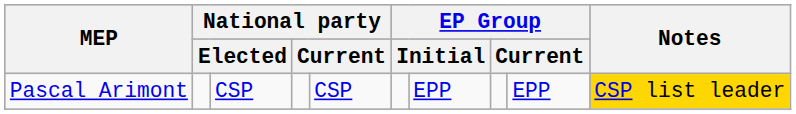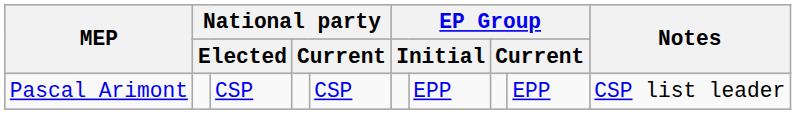 <table class="wikitable sortable" style="text-align:left">
 <tr>
 <th rowspan="2">MEP</th>
 <th colspan="4">National party</th>
 <th colspan="4"><a href='#'>EP Group</a></th>
 <th rowspan="2">Notes</th>
 </tr>
 <tr>
 <th colspan="2">Elected</th>
 <th colspan="2">Current</th>
 <th colspan="2">Initial</th>
 <th colspan="2">Current</th>
 </tr>
 <tr>
 <td><a href='#'>Pascal Arimont</a></td>
 <td style="background: "></td>
 <td><a href='#'>CSP</a></td>
 <td style="background: "></td>
 <td><a href='#'>CSP</a></td>
 <td style="background: "></td>
 <td><a href='#'>EPP</a></td>
 <td style="background: "></td>
 <td><a href='#'>EPP</a></td>
-<td style="background: gold;"><a href='#'>CSP</a> list leader</td>
+<td><a href='#'>CSP</a> list leader</td>
 </tr>
 </table>
